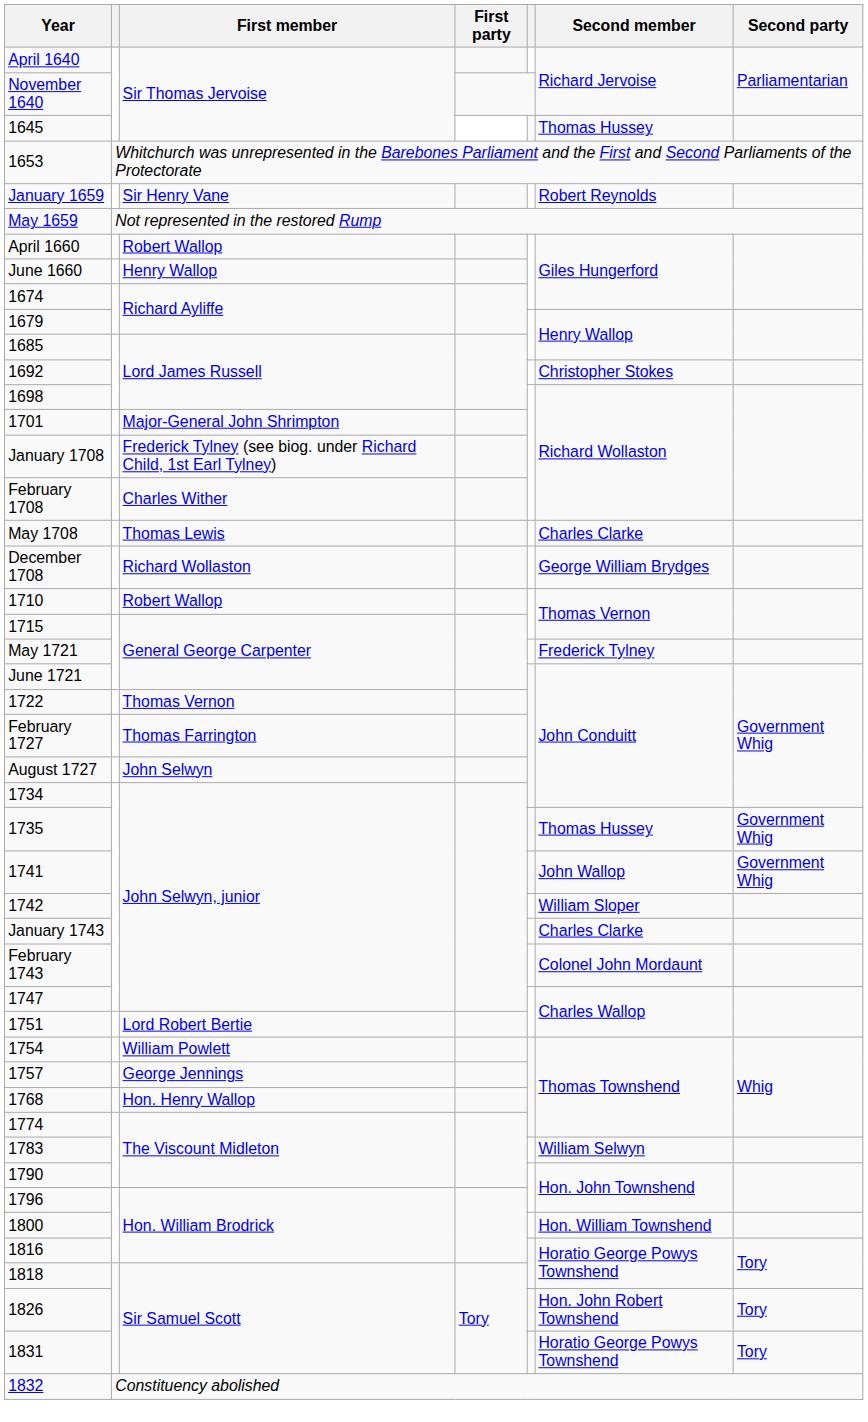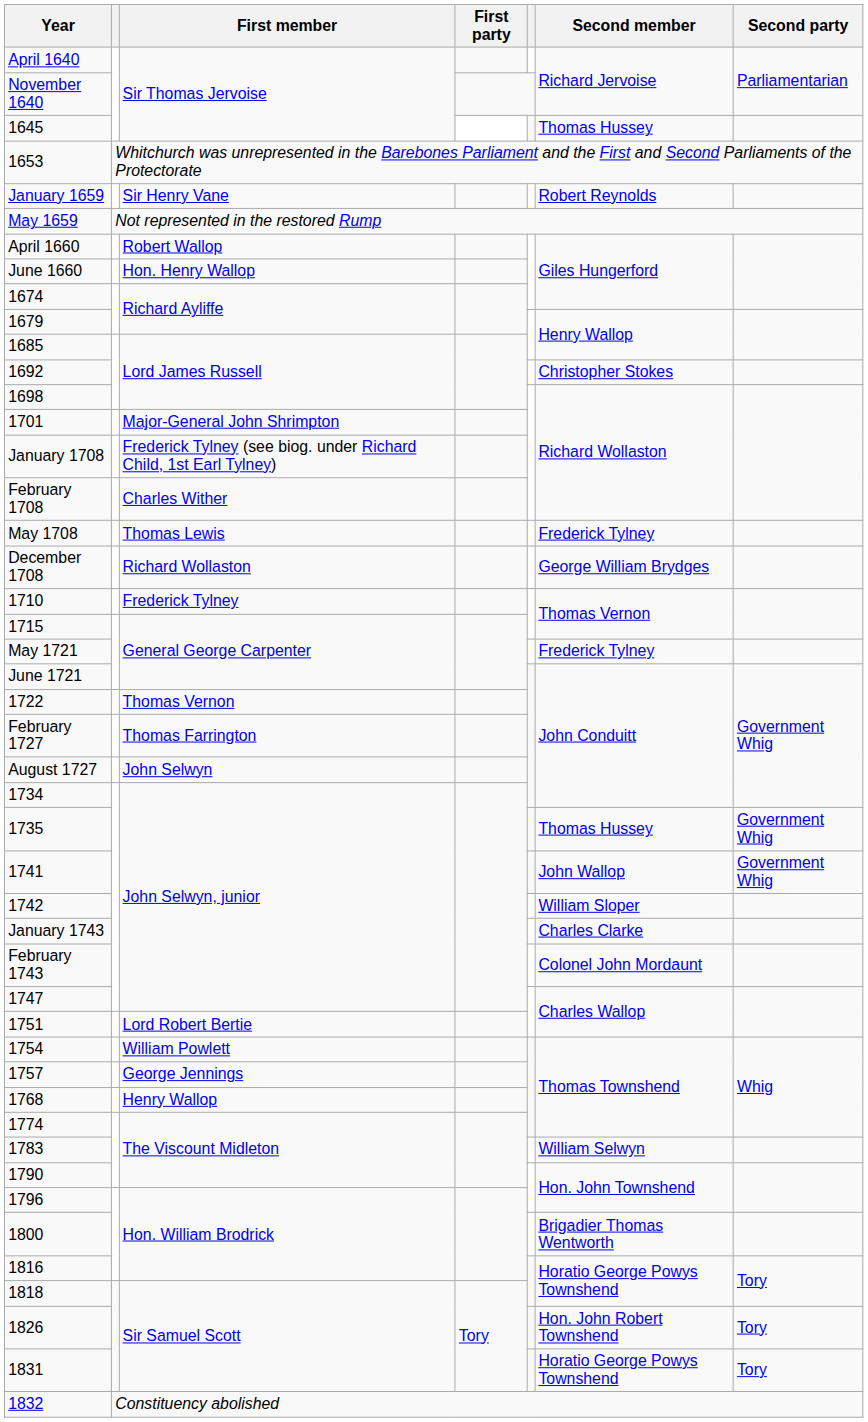 <table class="wikitable">
 <tr>
 <th>Year</th>
 <th></th>
 <th>First member</th>
 <th>First party</th>
 <th></th>
 <th>Second member</th>
 <th>Second party</th>
 </tr>
 <tr>
 <td><a href='#'>April 1640</a></td>
 <td rowspan="3" style="color:inherit;background-color: white"></td>
 <td rowspan="3"><a href='#'>Sir Thomas Jervoise</a></td>
 <td></td>
 <td style="color:inherit;background-color: white"></td>
 <td rowspan = "2"><a href='#'>Richard Jervoise</a></td>
 <td rowspan="2"><a href='#'>Parliamentarian</a></td>
 </tr>
 <tr>
 <td><a href='#'>November 1640</a></td>
 </tr>
 <tr>
 <td>1645</td>
 <td style="color:inherit;background-color: white"></td>
 <td></td>
 <td><a href='#'>Thomas Hussey</a></td>
 <td></td>
 </tr>
 <tr>
 <td>1653</td>
 <td colspan="6"><em>Whitchurch was unrepresented in the <a href='#'>Barebones Parliament</a> and the <a href='#'>First</a> and <a href='#'>Second</a> Parliaments of the Protectorate</em></td>
 </tr>
 <tr>
 <td><a href='#'>January 1659</a></td>
 <td style="color:inherit;background-color: white"></td>
 <td><a href='#'>Sir Henry Vane</a></td>
 <td></td>
 <td style="color:inherit;background-color: white"></td>
 <td><a href='#'>Robert Reynolds</a></td>
 <td></td>
 </tr>
 <tr>
 <td><a href='#'>May 1659</a></td>
 <td colspan="6"><em>Not represented in the restored <a href='#'>Rump</a></em></td>
 </tr>
 <tr>
 <td>April 1660</td>
 <td style="color:inherit;background-color: white"></td>
 <td><a href='#'>Robert Wallop</a></td>
 <td></td>
 <td rowspan="3" style="color:inherit;background-color: white"></td>
 <td rowspan="3"><a href='#'>Giles Hungerford</a></td>
 <td rowspan="3"></td>
 </tr>
 <tr>
 <td>June 1660</td>
 <td style="color:inherit;background-color: white"></td>
-<td><a href='#'>Henry Wallop</a></td>
+<td><a href='#'>Hon. Henry Wallop</a></td>
 <td></td>
 </tr>
 <tr>
 <td>1674</td>
 <td rowspan="2" style="color:inherit;background-color: white"></td>
 <td rowspan="2"><a href='#'>Richard Ayliffe</a></td>
 <td rowspan="2"></td>
 </tr>
 <tr>
 <td>1679</td>
 <td rowspan="2" style="color:inherit;background-color: white"></td>
 <td rowspan="2"><a href='#'>Henry Wallop</a></td>
 <td rowspan="2"></td>
 </tr>
 <tr>
 <td>1685</td>
 <td rowspan="3" style="color:inherit;background-color: white"></td>
 <td rowspan="3"><a href='#'>Lord James Russell</a></td>
 <td rowspan="3"></td>
 </tr>
 <tr>
 <td>1692</td>
 <td style="color:inherit;background-color: white"></td>
 <td><a href='#'>Christopher Stokes</a></td>
 <td></td>
 </tr>
 <tr>
 <td>1698</td>
 <td rowspan="4" style="color:inherit;background-color: white"></td>
 <td rowspan="4"><a href='#'>Richard Wollaston</a></td>
 <td rowspan="4"></td>
 </tr>
 <tr>
 <td>1701</td>
 <td style="color:inherit;background-color: white"></td>
 <td><a href='#'>Major-General John Shrimpton</a></td>
 <td></td>
 </tr>
 <tr>
 <td>January 1708</td>
 <td style="color:inherit;background-color: white"></td>
 <td><a href='#'>Frederick Tylney</a> (see biog. under <a href='#'>Richard Child, 1st Earl Tylney</a>)</td>
 <td></td>
 </tr>
 <tr>
 <td>February 1708</td>
 <td style="color:inherit;background-color: white"></td>
 <td><a href='#'>Charles Wither</a></td>
 <td></td>
 </tr>
 <tr>
 <td>May 1708 </td>
 <td style="color:inherit;background-color: white"></td>
 <td><a href='#'>Thomas Lewis</a></td>
 <td></td>
 <td style="color:inherit;background-color: white"></td>
-<td><a href='#'>Charles Clarke</a></td>
+<td><a href='#'>Frederick Tylney</a></td>
 <td></td>
 </tr>
 <tr>
 <td>December 1708</td>
 <td style="color:inherit;background-color: white"></td>
 <td><a href='#'>Richard Wollaston</a></td>
 <td></td>
 <td style="color:inherit;background-color: white"></td>
 <td><a href='#'>George William Brydges</a></td>
 <td></td>
 </tr>
 <tr>
 <td>1710</td>
 <td style="color:inherit;background-color: white"></td>
-<td><a href='#'>Robert Wallop</a></td>
+<td><a href='#'>Frederick Tylney</a></td>
 <td></td>
 <td rowspan="2" style="color:inherit;background-color: white"></td>
 <td rowspan="2"><a href='#'>Thomas Vernon</a></td>
 <td rowspan="2"></td>
 </tr>
 <tr>
 <td>1715</td>
 <td rowspan="3" style="color:inherit;background-color: white"></td>
 <td rowspan="3"><a href='#'>General George Carpenter</a></td>
 <td rowspan="3"></td>
 </tr>
 <tr>
 <td>May 1721</td>
 <td style="color:inherit;background-color: white"></td>
 <td><a href='#'>Frederick Tylney</a></td>
 <td></td>
 </tr>
 <tr>
 <td>June 1721</td>
 <td rowspan="5" style="color:inherit;background-color: "></td>
 <td rowspan="5"><a href='#'>John Conduitt</a></td>
 <td rowspan="5"><a href='#'>Government Whig</a></td>
 </tr>
 <tr>
 <td>1722</td>
 <td style="color:inherit;background-color: white"></td>
 <td><a href='#'>Thomas Vernon</a></td>
 <td></td>
 </tr>
 <tr>
 <td>February 1727</td>
 <td style="color:inherit;background-color: white"></td>
 <td><a href='#'>Thomas Farrington</a></td>
 <td></td>
 </tr>
 <tr>
 <td>August 1727</td>
 <td style="color:inherit;background-color: white"></td>
 <td><a href='#'>John Selwyn</a></td>
 <td></td>
 </tr>
 <tr>
 <td>1734</td>
 <td rowspan="7" style="color:inherit;background-color: white"></td>
 <td rowspan="7"><a href='#'>John Selwyn, junior</a></td>
 <td rowspan="7"></td>
 </tr>
 <tr>
 <td>1735</td>
 <td style="color:inherit;background-color: "></td>
 <td><a href='#'>Thomas Hussey</a></td>
 <td><a href='#'>Government Whig</a></td>
 </tr>
 <tr>
 <td>1741</td>
 <td style="color:inherit;background-color: "></td>
 <td><a href='#'>John Wallop</a></td>
 <td><a href='#'>Government Whig</a></td>
 </tr>
 <tr>
 <td>1742</td>
 <td style="color:inherit;background-color: white"></td>
 <td><a href='#'>William Sloper</a></td>
 <td></td>
 </tr>
 <tr>
 <td>January 1743</td>
 <td style="color:inherit;background-color: white"></td>
 <td><a href='#'>Charles Clarke</a></td>
 <td></td>
 </tr>
 <tr>
 <td>February 1743</td>
 <td style="color:inherit;background-color: white"></td>
 <td><a href='#'>Colonel John Mordaunt</a></td>
 <td></td>
 </tr>
 <tr>
 <td>1747</td>
 <td rowspan="2" style="color:inherit;background-color: white"></td>
 <td rowspan="2"><a href='#'>Charles Wallop</a></td>
 <td rowspan="2"></td>
 </tr>
 <tr>
 <td>1751</td>
 <td style="color:inherit;background-color: white"></td>
 <td><a href='#'>Lord Robert Bertie</a></td>
 <td></td>
 </tr>
 <tr>
 <td>1754</td>
 <td style="color:inherit;background-color: white"></td>
 <td><a href='#'>William Powlett</a></td>
 <td></td>
 <td rowspan="4" style="color:inherit;background-color: "></td>
 <td rowspan="4"><a href='#'>Thomas Townshend</a></td>
 <td rowspan="4"><a href='#'>Whig</a></td>
 </tr>
 <tr>
 <td>1757</td>
 <td style="color:inherit;background-color: white"></td>
 <td><a href='#'>George Jennings</a></td>
 <td></td>
 </tr>
 <tr>
 <td>1768</td>
 <td style="color:inherit;background-color: white"></td>
-<td><a href='#'>Hon. Henry Wallop</a></td>
+<td><a href='#'>Henry Wallop</a></td>
 <td></td>
 </tr>
 <tr>
 <td>1774</td>
 <td rowspan="3" style="color:inherit;background-color: white"></td>
 <td rowspan="3"><a href='#'>The Viscount Midleton</a></td>
 <td rowspan="3"></td>
 </tr>
 <tr>
 <td>1783</td>
 <td style="color:inherit;background-color: white"></td>
 <td><a href='#'>William Selwyn</a></td>
 <td></td>
 </tr>
 <tr>
 <td>1790</td>
 <td rowspan="2" style="color:inherit;background-color: white"></td>
 <td rowspan="2"><a href='#'>Hon. John Townshend</a></td>
 <td rowspan="2"></td>
 </tr>
 <tr>
 <td>1796</td>
 <td rowspan="3" style="color:inherit;background-color: white"></td>
 <td rowspan="3"><a href='#'>Hon. William Brodrick</a></td>
 <td rowspan="3"></td>
 </tr>
 <tr>
 <td>1800</td>
 <td style="color:inherit;background-color: white"></td>
-<td><a href='#'>Hon. William Townshend</a></td>
+<td><a href='#'>Brigadier Thomas Wentworth</a></td>
 <td></td>
 </tr>
 <tr>
 <td>1816</td>
 <td rowspan="2" style="color:inherit;background-color: "></td>
 <td rowspan="2"><a href='#'>Horatio George Powys Townshend</a></td>
 <td rowspan="2"><a href='#'>Tory</a></td>
 </tr>
 <tr>
 <td>1818</td>
 <td rowspan="3" style="color:inherit;background-color: "></td>
 <td rowspan="3"><a href='#'>Sir Samuel Scott</a></td>
 <td rowspan="3"><a href='#'>Tory</a></td>
 </tr>
 <tr>
 <td>1826</td>
 <td style="color:inherit;background-color: "></td>
 <td><a href='#'>Hon. John Robert Townshend</a></td>
 <td><a href='#'>Tory</a></td>
 </tr>
 <tr>
 <td>1831</td>
 <td style="color:inherit;background-color: "></td>
 <td><a href='#'>Horatio George Powys Townshend</a></td>
 <td><a href='#'>Tory</a></td>
 </tr>
 <tr>
 <td><a href='#'>1832</a></td>
 <td colspan="6"><em>Constituency abolished</em></td>
 </tr>
 </table>
